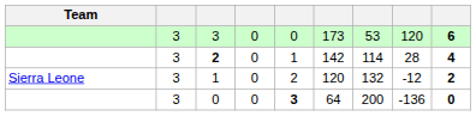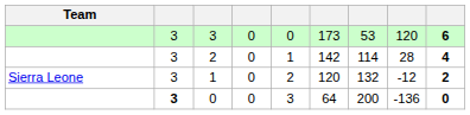 <table class=wikitable style="text-align:center">
 <tr>
 <th width=175>Team</th>
 <th width=40></th>
 <th width=40></th>
 <th width=40></th>
 <th width=40></th>
 <th width=40></th>
 <th width=40></th>
 <th width=40></th>
 <th width=40></th>
 </tr>
 <tr style="background:#ccffcc">
 <td align=left><strong></strong></td>
 <td>3</td>
 <td>3</td>
 <td>0</td>
 <td>0</td>
 <td>173</td>
 <td>53</td>
 <td>120</td>
 <td><strong>6</strong></td>
 </tr>
 <tr style="background:white">
 <td align=left></td>
 <td>3</td>
-<td><strong>2</strong></td>
+<td>2</td>
 <td>0</td>
 <td>1</td>
 <td>142</td>
 <td>114</td>
 <td>28</td>
 <td><strong>4</strong></td>
 </tr>
 <tr style="background:white;">
 <td align=left> <a href='#'>Sierra Leone</a></td>
 <td>3</td>
 <td>1</td>
 <td>0</td>
 <td>2</td>
 <td>120</td>
 <td>132</td>
 <td>-12</td>
 <td><strong>2</strong></td>
 </tr>
 <tr style="background:white;">
 <td align=left></td>
-<td>3</td>
+<td><strong>3</strong></td>
 <td>0</td>
 <td>0</td>
-<td><strong>3</strong></td>
+<td>3</td>
 <td>64</td>
 <td>200</td>
 <td>-136</td>
 <td><strong>0</strong></td>
 </tr>
 </table>
